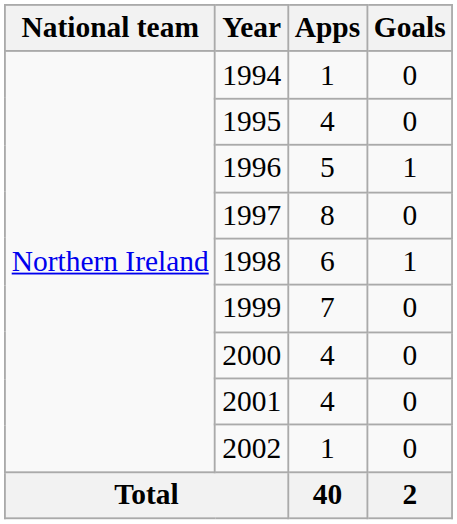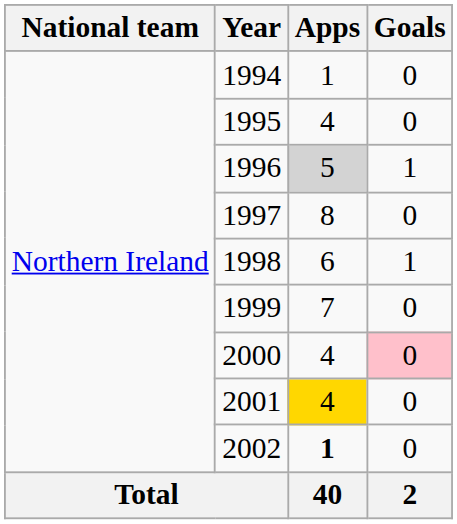 <table class="wikitable" style="text-align:center">
 <tr>
 <th>National team</th>
 <th>Year</th>
 <th>Apps</th>
 <th>Goals</th>
 </tr>
 <tr>
 <td rowspan="9"><a href='#'>Northern Ireland</a></td>
 <td>1994</td>
 <td>1</td>
 <td>0</td>
 </tr>
 <tr>
 <td>1995</td>
 <td>4</td>
 <td>0</td>
 </tr>
 <tr>
 <td>1996</td>
-<td>5</td>
+<td style="background: lightgrey;">5</td>
 <td>1</td>
 </tr>
 <tr>
 <td>1997</td>
 <td>8</td>
 <td>0</td>
 </tr>
 <tr>
 <td>1998</td>
 <td>6</td>
 <td>1</td>
 </tr>
 <tr>
 <td>1999</td>
 <td>7</td>
 <td>0</td>
 </tr>
 <tr>
 <td>2000</td>
 <td>4</td>
-<td>0</td>
+<td style="background: pink;">0</td>
 </tr>
 <tr>
 <td>2001</td>
-<td>4</td>
+<td style="background: gold;">4</td>
 <td>0</td>
 </tr>
 <tr>
 <td>2002</td>
-<td>1</td>
+<td><strong>1</strong></td>
 <td>0</td>
 </tr>
 <tr>
 <th colspan="2">Total</th>
 <th>40</th>
 <th>2</th>
 </tr>
 </table>
